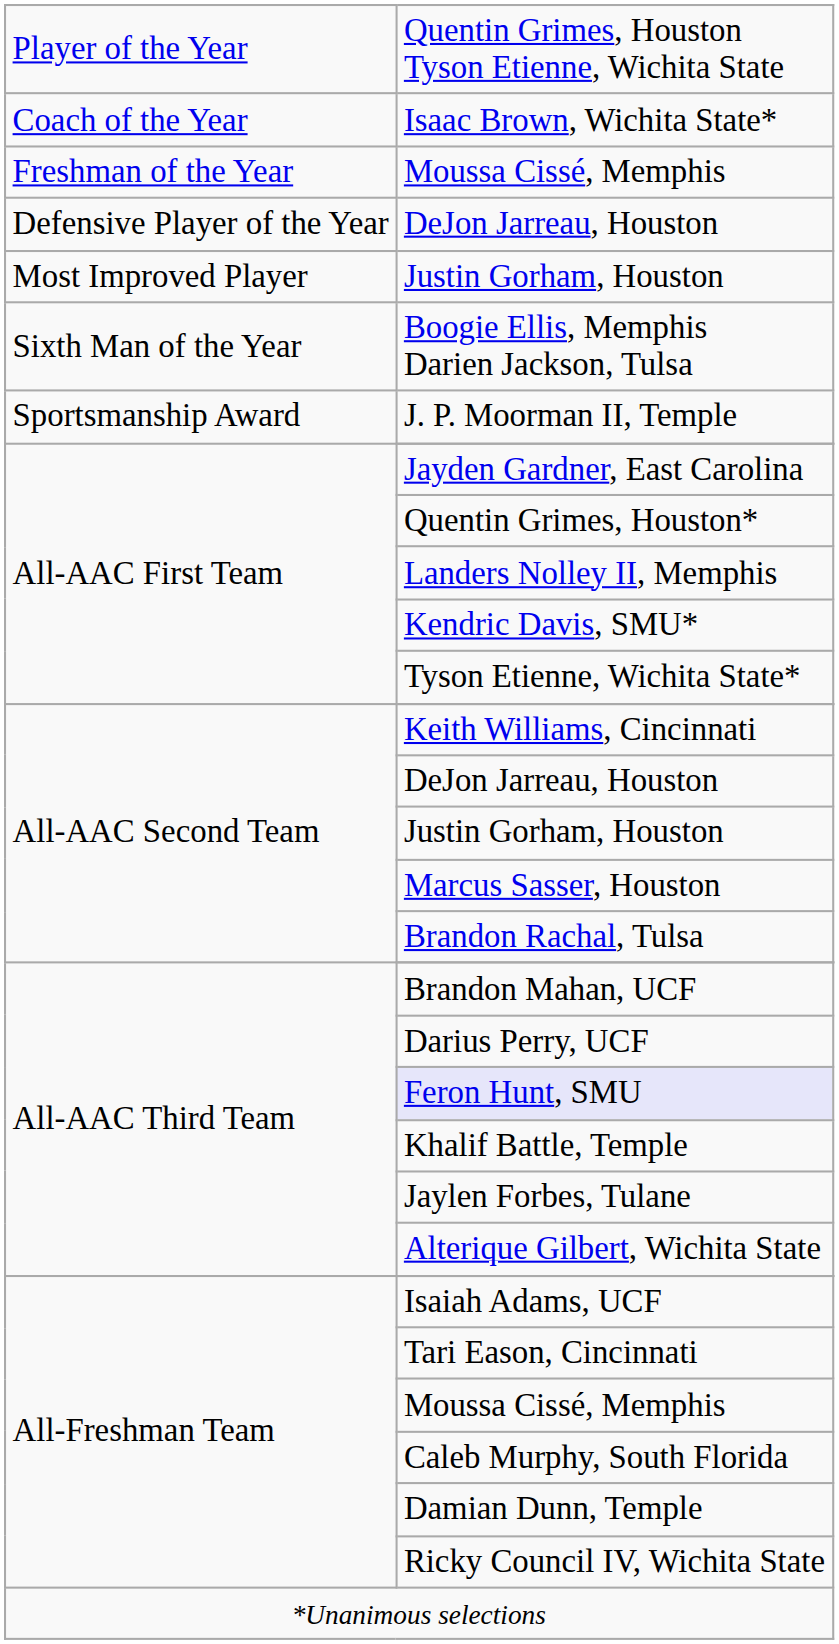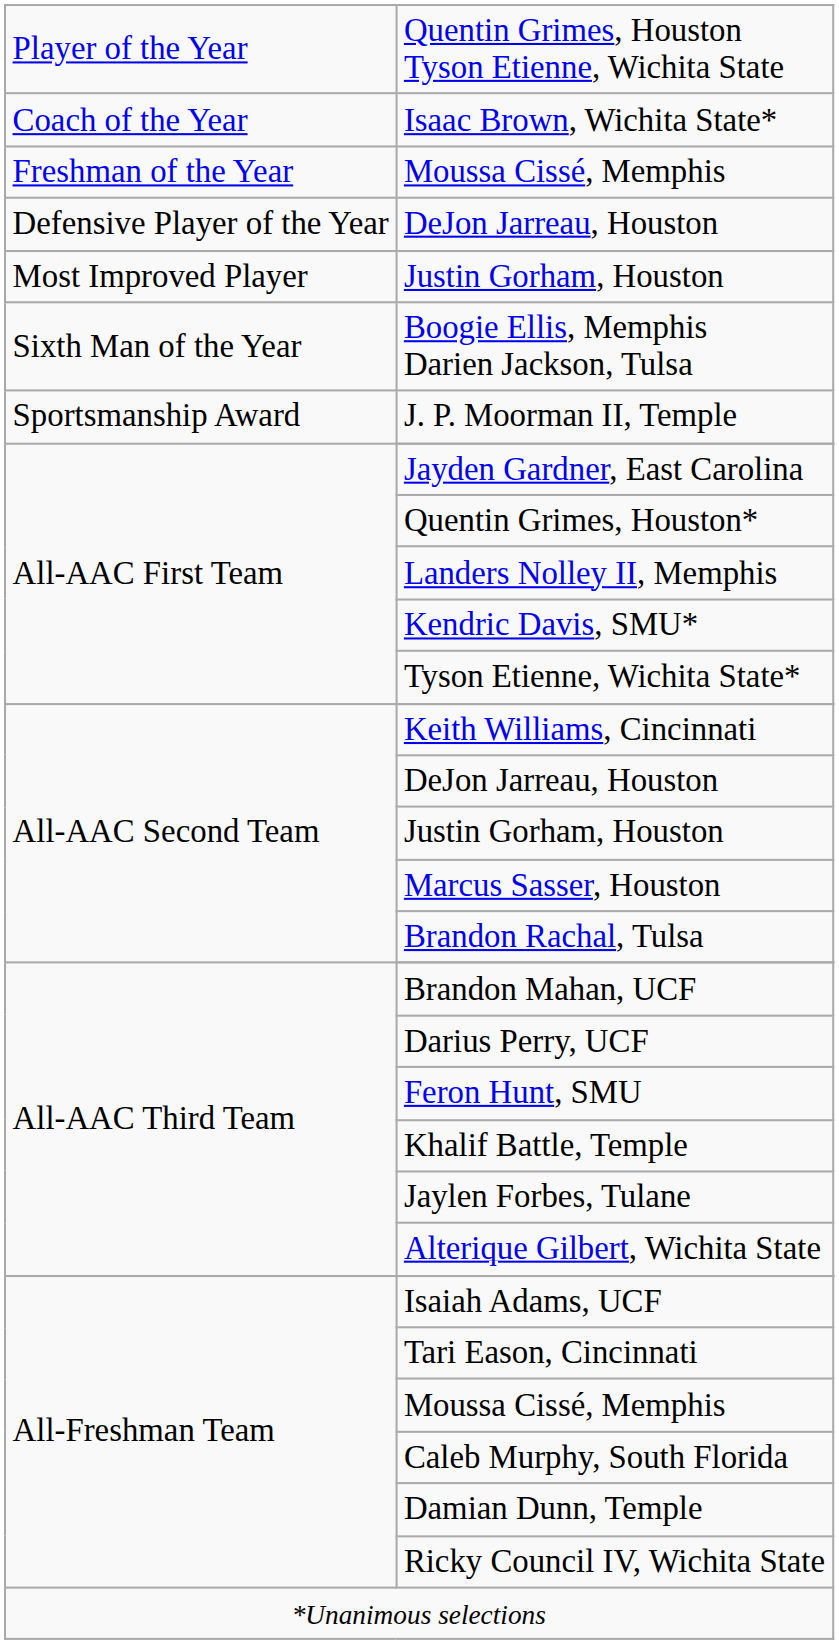 <table class="wikitable">
 <tr>
 <td><a href='#'>Player of the Year</a></td>
 <td><a href='#'>Quentin Grimes</a>, Houston <br> <a href='#'>Tyson Etienne</a>, Wichita State</td>
 </tr>
 <tr>
 <td><a href='#'>Coach of the Year</a></td>
 <td><a href='#'>Isaac Brown</a>, Wichita State*</td>
 </tr>
 <tr>
 <td><a href='#'>Freshman of the Year</a></td>
 <td><a href='#'>Moussa Cissé</a>, Memphis</td>
 </tr>
 <tr>
 <td>Defensive Player of the Year</td>
 <td><a href='#'>DeJon Jarreau</a>, Houston</td>
 </tr>
 <tr>
 <td>Most Improved Player</td>
 <td><a href='#'>Justin Gorham</a>, Houston</td>
 </tr>
 <tr>
 <td>Sixth Man of the Year</td>
 <td><a href='#'>Boogie Ellis</a>, Memphis <br> Darien Jackson, Tulsa</td>
 </tr>
 <tr>
 <td>Sportsmanship Award</td>
 <td>J. P. Moorman II, Temple</td>
 </tr>
 <tr>
 <td rowspan="6" valign="middle">All-AAC First Team</td>
 </tr>
 <tr>
 <td><a href='#'>Jayden Gardner</a>, East Carolina</td>
 </tr>
 <tr>
 <td>Quentin Grimes, Houston*</td>
 </tr>
 <tr>
 <td><a href='#'>Landers Nolley II</a>, Memphis</td>
 </tr>
 <tr>
 <td><a href='#'>Kendric Davis</a>, SMU*</td>
 </tr>
 <tr>
 <td>Tyson Etienne, Wichita State*</td>
 </tr>
 <tr>
 <td rowspan="6" valign="middle">All-AAC Second Team</td>
 </tr>
 <tr>
 <td><a href='#'>Keith Williams</a>, Cincinnati</td>
 </tr>
 <tr>
 <td>DeJon Jarreau, Houston</td>
 </tr>
 <tr>
 <td>Justin Gorham, Houston</td>
 </tr>
 <tr>
 <td><a href='#'>Marcus Sasser</a>, Houston</td>
 </tr>
 <tr>
 <td><a href='#'>Brandon Rachal</a>, Tulsa</td>
 </tr>
 <tr>
 <td rowspan="7" valign="middle">All-AAC Third Team</td>
 </tr>
 <tr>
 <td>Brandon Mahan, UCF</td>
 </tr>
 <tr>
 <td>Darius Perry, UCF</td>
 </tr>
 <tr>
-<td style="background: lavender;"><a href='#'>Feron Hunt</a>, SMU</td>
+<td><a href='#'>Feron Hunt</a>, SMU</td>
 </tr>
 <tr>
 <td>Khalif Battle, Temple</td>
 </tr>
 <tr>
 <td>Jaylen Forbes, Tulane</td>
 </tr>
 <tr>
 <td><a href='#'>Alterique Gilbert</a>, Wichita State</td>
 </tr>
 <tr>
 <td rowspan="7" valign="middle">All-Freshman Team</td>
 </tr>
 <tr>
 <td>Isaiah Adams, UCF</td>
 </tr>
 <tr>
 <td>Tari Eason, Cincinnati</td>
 </tr>
 <tr>
 <td>Moussa Cissé, Memphis</td>
 </tr>
 <tr>
 <td>Caleb Murphy, South Florida</td>
 </tr>
 <tr>
 <td>Damian Dunn, Temple</td>
 </tr>
 <tr>
 <td>Ricky Council IV, Wichita State</td>
 </tr>
 <tr>
 <td colspan="3" align="center"><small><em>*Unanimous selections</em></small></td>
 </tr>
 </table>
